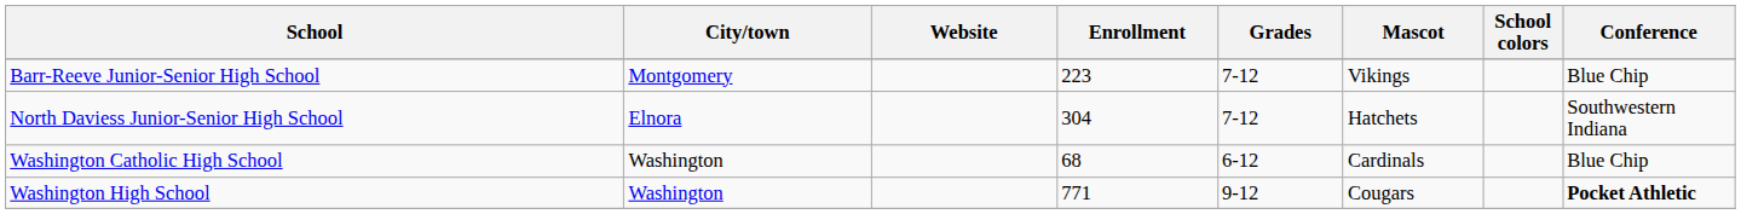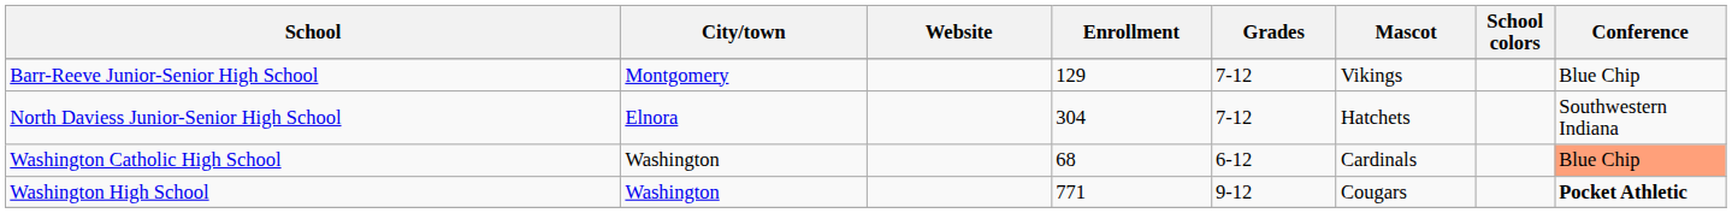 <table class="wikitable sortable" width="70%">
 <tr>
 <th width="20%">School</th>
 <th width="08%">City/town</th>
 <th width="06%">Website</th>
 <th width="04%">Enrollment</th>
 <th width="04%">Grades</th>
 <th width="04%">Mascot</th>
 <th width=01%>School colors</th>
 <th width="04%">Conference</th>
 </tr>
 <tr>
 </tr>
 <tr>
 <td><a href='#'>Barr-Reeve Junior-Senior High School</a></td>
 <td><a href='#'>Montgomery</a></td>
 <td></td>
-<td>223</td>
+<td>129</td>
 <td>7-12</td>
 <td>Vikings</td>
 <td>  </td>
 <td>Blue Chip</td>
 </tr>
 <tr>
 <td><a href='#'>North Daviess Junior-Senior High School</a></td>
 <td><a href='#'>Elnora</a></td>
 <td></td>
 <td>304</td>
 <td>7-12</td>
 <td>Hatchets</td>
 <td>  </td>
 <td>Southwestern Indiana</td>
 </tr>
 <tr>
 <td><a href='#'>Washington Catholic High School</a></td>
 <td>Washington</td>
 <td></td>
 <td>68</td>
 <td>6-12</td>
 <td>Cardinals</td>
 <td> </td>
-<td>Blue Chip</td>
+<td style="background: lightsalmon;">Blue Chip</td>
 </tr>
 <tr>
 <td><a href='#'>Washington High School</a></td>
 <td><a href='#'>Washington</a></td>
 <td></td>
 <td>771</td>
 <td>9-12</td>
 <td>Cougars</td>
 <td> </td>
 <td><strong>Pocket Athletic</strong></td>
 </tr>
 <tr>
 </tr>
 </table>
